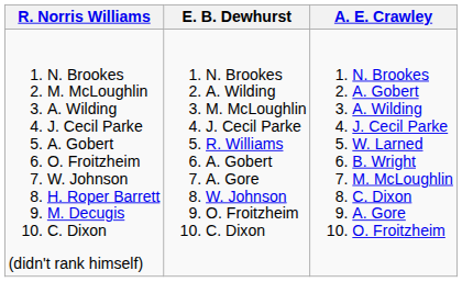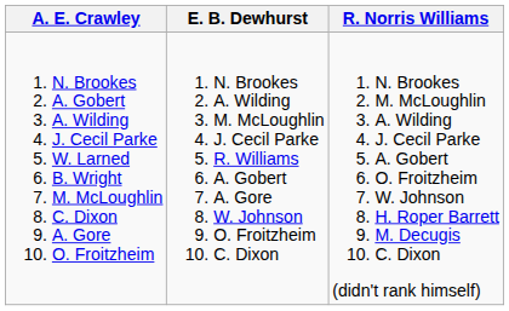 <table class="wikitable">
 <tr>
+<th><a href='#'>A. E. Crawley</a></th>
+<th>E. B. Dewhurst</th>
 <th><a href='#'>R. Norris Williams</a></th>
-<th>E. B. Dewhurst</th>
-<th><a href='#'>A. E. Crawley</a></th>
 </tr>
 <tr style="vertical-align: top;">
+<td style="white-space: nowrap;"><br><ol><li> <a href='#'>N. Brookes</a></li><li> <a href='#'>A. Gobert</a></li><li> <a href='#'>A. Wilding</a></li><li> <a href='#'>J. Cecil Parke</a></li><li> <a href='#'>W. Larned</a></li><li> <a href='#'>B. Wright</a></li><li> <a href='#'>M. McLoughlin</a></li><li> <a href='#'>C. Dixon</a></li><li> <a href='#'>A. Gore</a></li><li> <a href='#'>O. Froitzheim</a></li></ol></td>
+<td style="white-space: nowrap;"><br><ol><li> N. Brookes</li><li> A. Wilding</li><li> M. McLoughlin</li><li> J. Cecil Parke</li><li> <a href='#'>R. Williams</a></li><li> A. Gobert</li><li> A. Gore</li><li> <a href='#'>W. Johnson</a></li><li> O. Froitzheim</li><li> C. Dixon</li></ol></td>
 <td style="white-space: nowrap;"><br><ol><li> N. Brookes</li><li> M. McLoughlin</li><li> A. Wilding</li><li> J. Cecil Parke</li><li> A. Gobert</li><li> O. Froitzheim</li><li> W. Johnson</li><li> <a href='#'>H. Roper Barrett</a></li><li> <a href='#'>M. Decugis</a></li><li> C. Dixon</li></ol>(didn't rank himself)</td>
-<td style="white-space: nowrap;"><br><ol><li> N. Brookes</li><li> A. Wilding</li><li> M. McLoughlin</li><li> J. Cecil Parke</li><li> <a href='#'>R. Williams</a></li><li> A. Gobert</li><li> A. Gore</li><li> <a href='#'>W. Johnson</a></li><li> O. Froitzheim</li><li> C. Dixon</li></ol></td>
-<td style="white-space: nowrap;"><br><ol><li> <a href='#'>N. Brookes</a></li><li> <a href='#'>A. Gobert</a></li><li> <a href='#'>A. Wilding</a></li><li> <a href='#'>J. Cecil Parke</a></li><li> <a href='#'>W. Larned</a></li><li> <a href='#'>B. Wright</a></li><li> <a href='#'>M. McLoughlin</a></li><li> <a href='#'>C. Dixon</a></li><li> <a href='#'>A. Gore</a></li><li> <a href='#'>O. Froitzheim</a></li></ol></td>
 </tr>
 </table>
